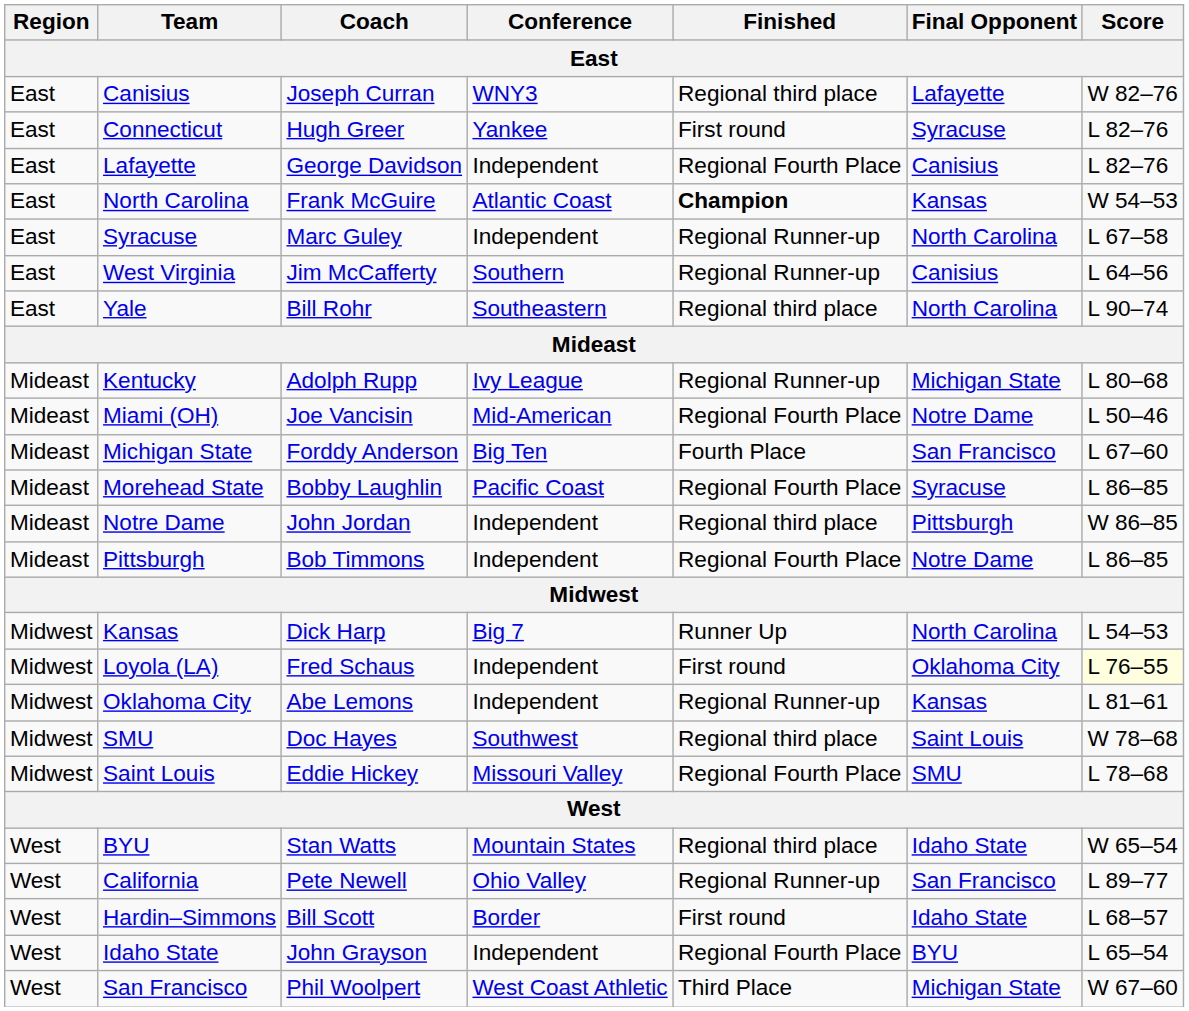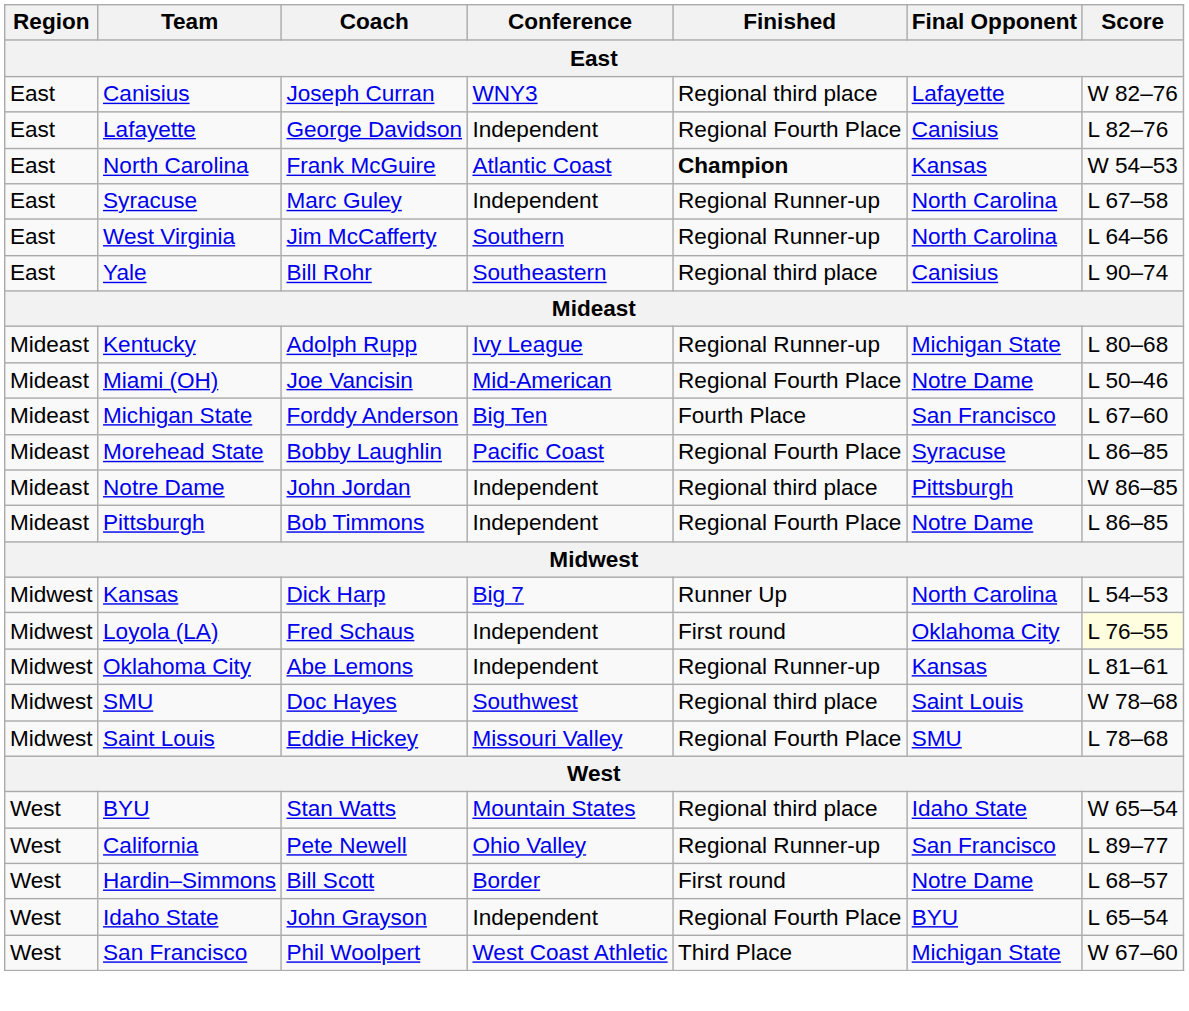 <table class=wikitable>
 <tr>
 <th>Region</th>
 <th>Team</th>
 <th>Coach</th>
 <th>Conference</th>
 <th>Finished</th>
 <th>Final Opponent</th>
 <th>Score</th>
 </tr>
 <tr>
 <th colspan=7 style="text-align:center">East</th>
 </tr>
 <tr>
 <td>East</td>
 <td><a href='#'>Canisius</a></td>
 <td><a href='#'>Joseph Curran</a></td>
 <td><a href='#'>WNY3</a></td>
 <td>Regional third place</td>
 <td><a href='#'>Lafayette</a></td>
 <td>W 82–76</td>
-</tr>
-<tr>
-<td>East</td>
-<td><a href='#'>Connecticut</a></td>
-<td><a href='#'>Hugh Greer</a></td>
-<td><a href='#'>Yankee</a></td>
-<td>First round</td>
-<td><a href='#'>Syracuse</a></td>
-<td>L 82–76</td>
 </tr>
 <tr>
 <td>East</td>
 <td><a href='#'>Lafayette</a></td>
 <td><a href='#'>George Davidson</a></td>
 <td>Independent</td>
 <td>Regional Fourth Place</td>
 <td><a href='#'>Canisius</a></td>
 <td>L 82–76</td>
 </tr>
 <tr>
 <td>East</td>
 <td><a href='#'>North Carolina</a></td>
 <td><a href='#'>Frank McGuire</a></td>
 <td><a href='#'>Atlantic Coast</a></td>
 <td><strong>Champion</strong></td>
 <td><a href='#'>Kansas</a></td>
 <td>W 54–53</td>
 </tr>
 <tr>
 <td>East</td>
 <td><a href='#'>Syracuse</a></td>
 <td><a href='#'>Marc Guley</a></td>
 <td>Independent</td>
 <td>Regional Runner-up</td>
 <td><a href='#'>North Carolina</a></td>
 <td>L 67–58</td>
 </tr>
 <tr>
 <td>East</td>
 <td><a href='#'>West Virginia</a></td>
 <td><a href='#'>Jim McCafferty</a></td>
 <td><a href='#'>Southern</a></td>
 <td>Regional Runner-up</td>
-<td><a href='#'>Canisius</a></td>
+<td><a href='#'>North Carolina</a></td>
 <td>L 64–56</td>
 </tr>
 <tr>
 <td>East</td>
 <td><a href='#'>Yale</a></td>
 <td><a href='#'>Bill Rohr</a></td>
 <td><a href='#'>Southeastern</a></td>
 <td>Regional third place</td>
-<td><a href='#'>North Carolina</a></td>
+<td><a href='#'>Canisius</a></td>
 <td>L 90–74</td>
 </tr>
 <tr>
 <th colspan=7 style="text-align:center">Mideast</th>
 </tr>
 <tr>
 <td>Mideast</td>
 <td><a href='#'>Kentucky</a></td>
 <td><a href='#'>Adolph Rupp</a></td>
 <td><a href='#'>Ivy League</a></td>
 <td>Regional Runner-up</td>
 <td><a href='#'>Michigan State</a></td>
 <td>L 80–68</td>
 </tr>
 <tr>
 <td>Mideast</td>
 <td><a href='#'>Miami (OH)</a></td>
 <td><a href='#'>Joe Vancisin</a></td>
 <td><a href='#'>Mid-American</a></td>
 <td>Regional Fourth Place</td>
 <td><a href='#'>Notre Dame</a></td>
 <td>L 50–46</td>
 </tr>
 <tr>
 <td>Mideast</td>
 <td><a href='#'>Michigan State</a></td>
 <td><a href='#'>Forddy Anderson</a></td>
 <td><a href='#'>Big Ten</a></td>
 <td>Fourth Place</td>
 <td><a href='#'>San Francisco</a></td>
 <td>L 67–60</td>
 </tr>
 <tr>
 <td>Mideast</td>
 <td><a href='#'>Morehead State</a></td>
 <td><a href='#'>Bobby Laughlin</a></td>
 <td><a href='#'>Pacific Coast</a></td>
 <td>Regional Fourth Place</td>
 <td><a href='#'>Syracuse</a></td>
 <td>L 86–85</td>
 </tr>
 <tr>
 <td>Mideast</td>
 <td><a href='#'>Notre Dame</a></td>
 <td><a href='#'>John Jordan</a></td>
 <td>Independent</td>
 <td>Regional third place</td>
 <td><a href='#'>Pittsburgh</a></td>
 <td>W 86–85</td>
 </tr>
 <tr>
 <td>Mideast</td>
 <td><a href='#'>Pittsburgh</a></td>
 <td><a href='#'>Bob Timmons</a></td>
 <td>Independent</td>
 <td>Regional Fourth Place</td>
 <td><a href='#'>Notre Dame</a></td>
 <td>L 86–85</td>
 </tr>
 <tr>
 <th colspan=7 style="text-align:center">Midwest</th>
 </tr>
 <tr>
 <td>Midwest</td>
 <td><a href='#'>Kansas</a></td>
 <td><a href='#'>Dick Harp</a></td>
 <td><a href='#'>Big 7</a></td>
 <td>Runner Up</td>
 <td><a href='#'>North Carolina</a></td>
 <td>L 54–53</td>
 </tr>
 <tr>
 <td>Midwest</td>
 <td><a href='#'>Loyola (LA)</a></td>
 <td><a href='#'>Fred Schaus</a></td>
 <td>Independent</td>
 <td>First round</td>
 <td><a href='#'>Oklahoma City</a></td>
 <td style="background: lightyellow;">L 76–55</td>
 </tr>
 <tr>
 <td>Midwest</td>
 <td><a href='#'>Oklahoma City</a></td>
 <td><a href='#'>Abe Lemons</a></td>
 <td>Independent</td>
 <td>Regional Runner-up</td>
 <td><a href='#'>Kansas</a></td>
 <td>L 81–61</td>
 </tr>
 <tr>
 <td>Midwest</td>
 <td><a href='#'>SMU</a></td>
 <td><a href='#'>Doc Hayes</a></td>
 <td><a href='#'>Southwest</a></td>
 <td>Regional third place</td>
 <td><a href='#'>Saint Louis</a></td>
 <td>W 78–68</td>
 </tr>
 <tr>
 <td>Midwest</td>
 <td><a href='#'>Saint Louis</a></td>
 <td><a href='#'>Eddie Hickey</a></td>
 <td><a href='#'>Missouri Valley</a></td>
 <td>Regional Fourth Place</td>
 <td><a href='#'>SMU</a></td>
 <td>L 78–68</td>
 </tr>
 <tr>
 <th colspan=7 style="text-align:center">West</th>
 </tr>
 <tr>
 <td>West</td>
 <td><a href='#'>BYU</a></td>
 <td><a href='#'>Stan Watts</a></td>
 <td><a href='#'>Mountain States</a></td>
 <td>Regional third place</td>
 <td><a href='#'>Idaho State</a></td>
 <td>W 65–54</td>
 </tr>
 <tr>
 <td>West</td>
 <td><a href='#'>California</a></td>
 <td><a href='#'>Pete Newell</a></td>
 <td><a href='#'>Ohio Valley</a></td>
 <td>Regional Runner-up</td>
 <td><a href='#'>San Francisco</a></td>
 <td>L 89–77</td>
 </tr>
 <tr>
 <td>West</td>
 <td><a href='#'>Hardin–Simmons</a></td>
 <td><a href='#'>Bill Scott</a></td>
 <td><a href='#'>Border</a></td>
 <td>First round</td>
-<td><a href='#'>Idaho State</a></td>
+<td><a href='#'>Notre Dame</a></td>
 <td>L 68–57</td>
 </tr>
 <tr>
 <td>West</td>
 <td><a href='#'>Idaho State</a></td>
 <td><a href='#'>John Grayson</a></td>
 <td>Independent</td>
 <td>Regional Fourth Place</td>
 <td><a href='#'>BYU</a></td>
 <td>L 65–54</td>
 </tr>
 <tr>
 <td>West</td>
 <td><a href='#'>San Francisco</a></td>
 <td><a href='#'>Phil Woolpert</a></td>
 <td><a href='#'>West Coast Athletic</a></td>
 <td>Third Place</td>
 <td><a href='#'>Michigan State</a></td>
 <td>W 67–60</td>
 </tr>
 </table>
